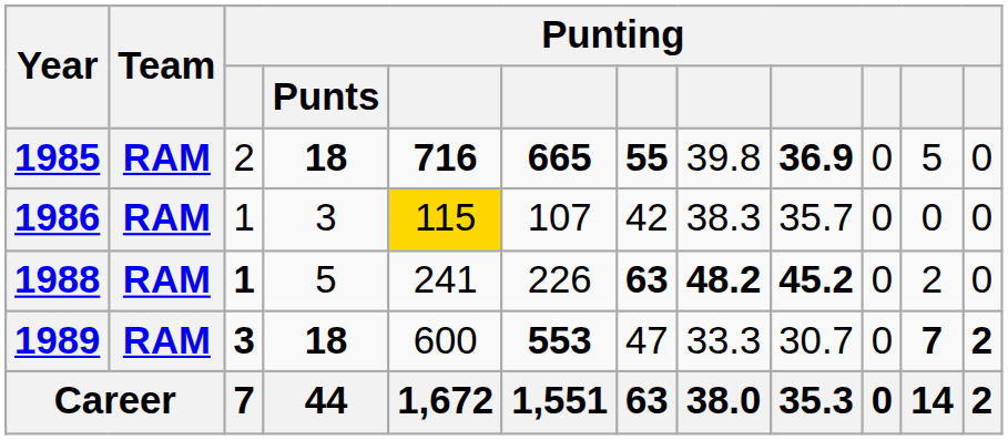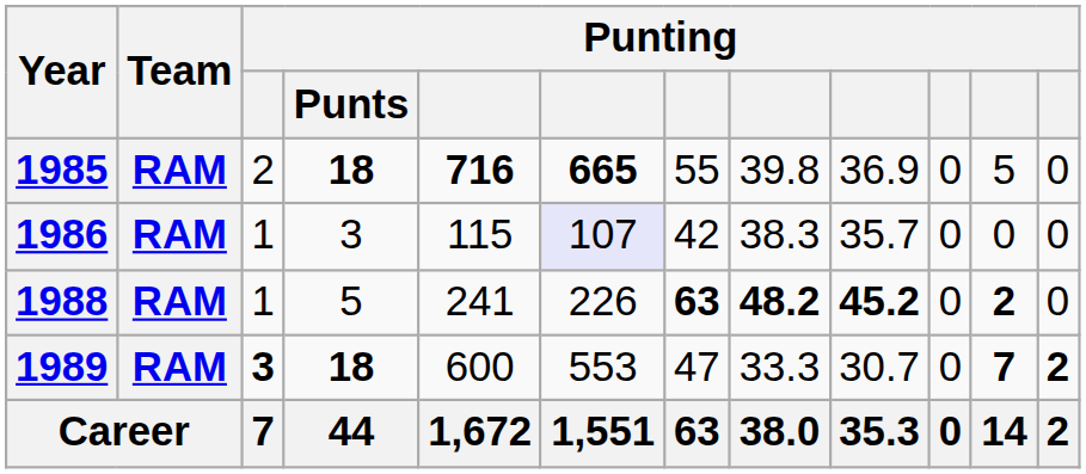 <table class=wikitable style="text-align:center;">
 <tr>
 <th rowspan="2">Year</th>
 <th rowspan="2">Team</th>
 <th colspan="10">Punting</th>
 </tr>
 <tr>
 <th></th>
 <th>Punts</th>
 <th></th>
 <th></th>
 <th></th>
 <th></th>
 <th></th>
 <th></th>
 <th></th>
 <th></th>
 </tr>
 <tr>
 <th><a href='#'>1985</a></th>
 <th><a href='#'>RAM</a></th>
 <td>2</td>
 <td><strong>18</strong></td>
 <td><strong>716</strong></td>
 <td><strong>665</strong></td>
-<td><strong>55</strong></td>
+<td>55</td>
 <td>39.8</td>
-<td><strong>36.9</strong></td>
+<td>36.9</td>
 <td>0</td>
 <td>5</td>
 <td>0</td>
 </tr>
 <tr>
 <th><a href='#'>1986</a></th>
 <th><a href='#'>RAM</a></th>
 <td>1</td>
 <td>3</td>
-<td style="background: gold;">115</td>
-<td>107</td>
+<td>115</td>
+<td style="background: lavender;">107</td>
 <td>42</td>
 <td>38.3</td>
 <td>35.7</td>
 <td>0</td>
 <td>0</td>
 <td>0</td>
 </tr>
 <tr>
 <th><a href='#'>1988</a></th>
 <th><a href='#'>RAM</a></th>
-<td><strong>1</strong></td>
+<td>1</td>
 <td>5</td>
 <td>241</td>
 <td>226</td>
 <td><strong>63</strong></td>
 <td><strong>48.2</strong></td>
 <td><strong>45.2</strong></td>
 <td>0</td>
-<td>2</td>
+<td><strong>2</strong></td>
 <td>0</td>
 </tr>
 <tr>
 <th><a href='#'>1989</a></th>
 <th><a href='#'>RAM</a></th>
 <td><strong>3</strong></td>
 <td><strong>18</strong></td>
 <td>600</td>
-<td><strong>553</strong></td>
+<td>553</td>
 <td>47</td>
 <td>33.3</td>
 <td>30.7</td>
 <td>0</td>
 <td><strong>7</strong></td>
 <td><strong>2</strong></td>
 </tr>
 <tr>
 <th colspan="2">Career</th>
 <th>7</th>
 <th>44</th>
 <th>1,672</th>
 <th>1,551</th>
 <th>63</th>
 <th>38.0</th>
 <th>35.3</th>
 <th>0</th>
 <th>14</th>
 <th>2</th>
 </tr>
 </table>
